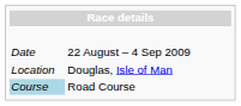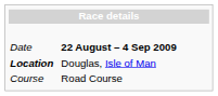 <table class="infobox" align="right" cellpadding="2" style="float:right; width: 20em;">
 <tr>
 </tr>
 <tr>
 <th colspan="3" style="background:lightgrey; color:#ffffff;">Race details</th>
 </tr>
 <tr>
 <td colspan="3" style="text-align:center;"><br></td>
 </tr>
 <tr>
 <td style="width: 25%;"><em>Date</em></td>
-<td>22 August – 4 Sep 2009</td>
+<td><strong>22 August – 4 Sep 2009</strong></td>
 </tr>
 <tr>
-<td><em>Location</em></td>
+<td><strong><em>Location</em></strong></td>
 <td colspan=3>Douglas, <a href='#'>Isle of Man</a></td>
 </tr>
 <tr>
-<td style="background: lightblue;"><em>Course</em></td>
+<td><em>Course</em></td>
 <td colspan=3>Road Course <br> </td>
 </tr>
 <tr>
 </tr>
 </table>
